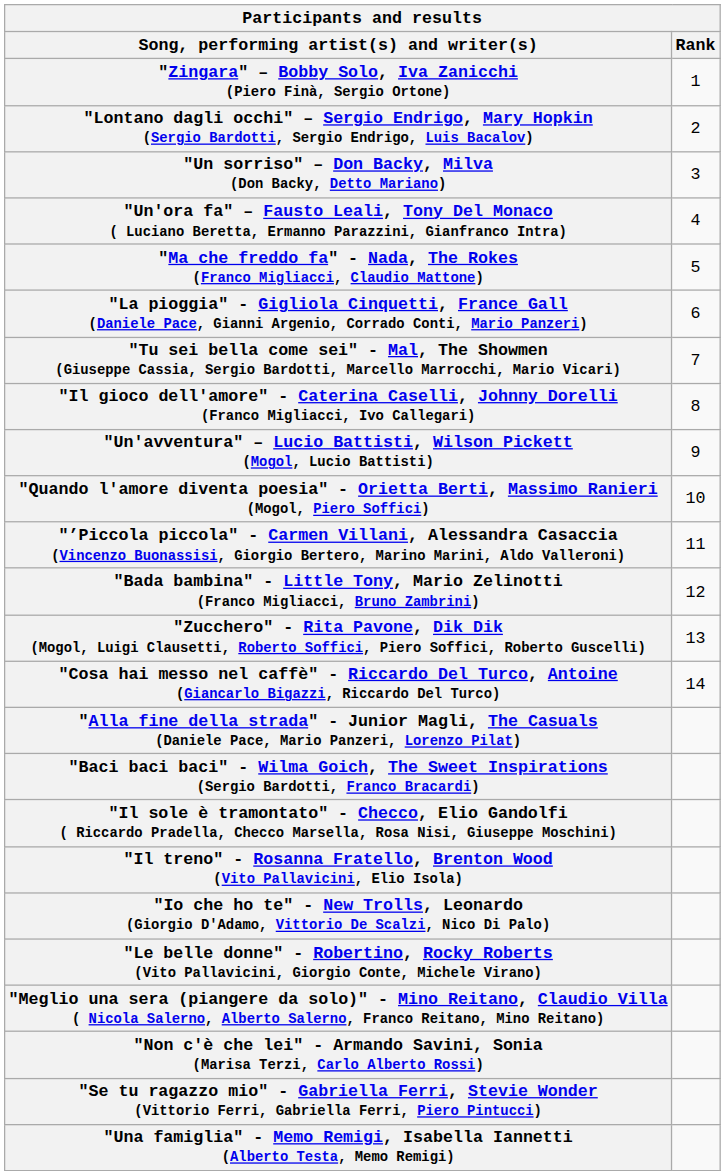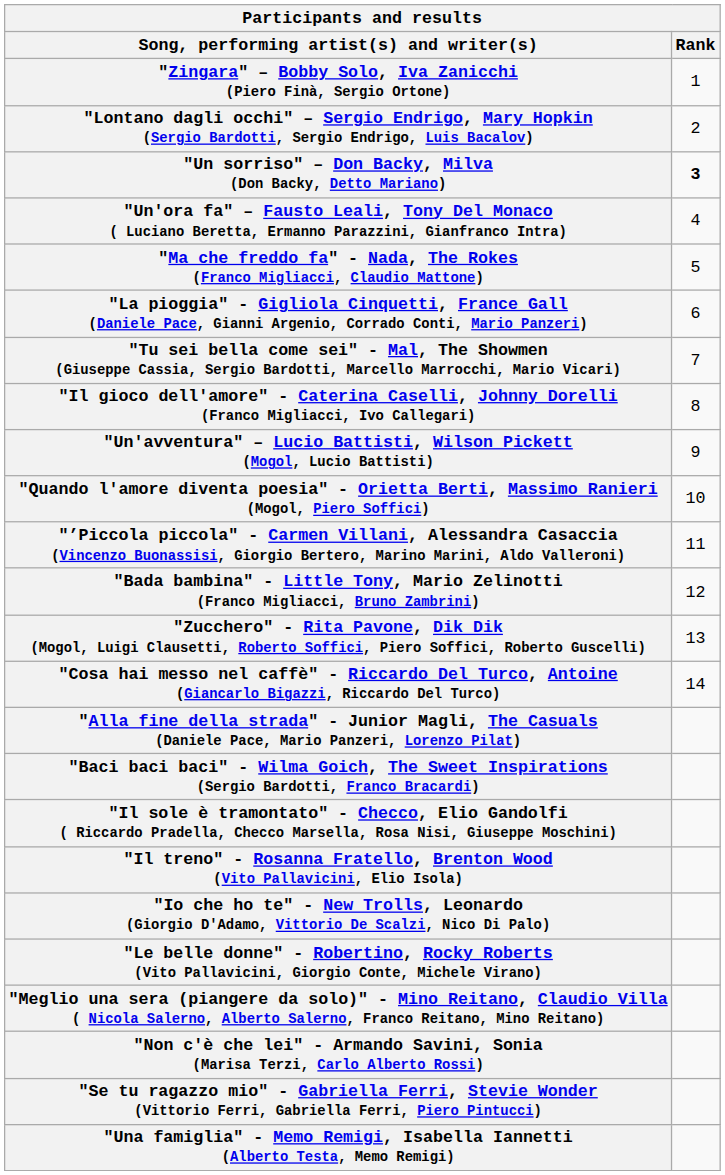 <table class="plainrowheaders wikitable">
 <tr>
 <th colspan="3">Participants and results</th>
 </tr>
 <tr>
 <th>Song, performing artist(s) and writer(s)</th>
 <th>Rank</th>
 </tr>
 <tr>
 <th scope="row">"<a href='#'>Zingara</a>" – <a href='#'>Bobby Solo</a>, <a href='#'>Iva Zanicchi</a> <br><small> 	(Piero Finà, Sergio Ortone)</small></th>
 <td style="text-align:center;">1</td>
 </tr>
 <tr>
 <th scope="row">"Lontano dagli occhi" – <a href='#'>Sergio Endrigo</a>, <a href='#'>Mary Hopkin</a>  <br><small>(<a href='#'>Sergio Bardotti</a>, Sergio Endrigo, <a href='#'>Luis Bacalov</a>)</small></th>
 <td style="text-align:center;">2</td>
 </tr>
 <tr>
 <th scope="row">"Un sorriso" – <a href='#'>Don Backy</a>, <a href='#'>Milva</a>  <br><small> 	(Don Backy, <a href='#'>Detto Mariano</a>) </small></th>
-<td style="text-align:center;">3</td>
+<td style="text-align:center;"><strong>3</strong></td>
 </tr>
 <tr>
 <th scope="row">"Un'ora fa"  –  	<a href='#'>Fausto Leali</a>, <a href='#'>Tony Del Monaco</a>  <br><small>( Luciano Beretta, Ermanno Parazzini, Gianfranco Intra)</small></th>
 <td style="text-align:center;">4</td>
 </tr>
 <tr>
 <th scope="row">"<a href='#'>Ma che freddo fa</a>" -  <a href='#'>Nada</a>, <a href='#'>The Rokes</a> <br><small>(<a href='#'>Franco Migliacci</a>, <a href='#'>Claudio Mattone</a>)</small></th>
 <td style="text-align:center;">5</td>
 </tr>
 <tr>
 <th scope="row">"La pioggia" -  	<a href='#'>Gigliola Cinquetti</a>, <a href='#'>France Gall</a> <br><small>(<a href='#'>Daniele Pace</a>, Gianni Argenio, Corrado Conti,  <a href='#'>Mario Panzeri</a>)</small></th>
 <td style="text-align:center;">6</td>
 </tr>
 <tr>
 <th scope="row">"Tu sei bella come sei" -   <a href='#'>Mal</a>,  The Showmen <br><small> (Giuseppe Cassia, Sergio Bardotti, Marcello Marrocchi, Mario Vicari) </small></th>
 <td style="text-align:center;">7</td>
 </tr>
 <tr>
 <th scope="row">"Il gioco dell'amore" -   	<a href='#'>Caterina Caselli</a>, <a href='#'>Johnny Dorelli</a>  <br><small> 	(Franco Migliacci, Ivo Callegari)</small></th>
 <td style="text-align:center;">8</td>
 </tr>
 <tr>
 <th scope="row">"Un'avventura" – 	 <a href='#'>Lucio Battisti</a>, <a href='#'>Wilson Pickett</a>  <br><small> 	(<a href='#'>Mogol</a>, Lucio Battisti)</small></th>
 <td style="text-align:center;">9</td>
 </tr>
 <tr>
 <th scope="row">"Quando l'amore diventa poesia" -  	<a href='#'>Orietta Berti</a>, <a href='#'>Massimo Ranieri</a> <br><small> 	 	(Mogol, <a href='#'>Piero Soffici</a>) </small></th>
 <td style="text-align:center;">10</td>
 </tr>
 <tr>
 <th scope="row">"’Piccola piccola" -  	 <a href='#'>Carmen Villani</a>, Alessandra Casaccia <br><small>  	(<a href='#'>Vincenzo Buonassisi</a>, Giorgio Bertero, Marino Marini, Aldo Valleroni)</small></th>
 <td style="text-align:center;">11</td>
 </tr>
 <tr>
 <th scope="row">"Bada bambina" -  	<a href='#'>Little Tony</a>, Mario Zelinotti <br><small> 	(Franco Migliacci, <a href='#'>Bruno Zambrini</a>)</small></th>
 <td style="text-align:center;">12</td>
 </tr>
 <tr>
 <th scope="row">"Zucchero" - <a href='#'>Rita Pavone</a>, <a href='#'>Dik Dik</a> <br><small> 	(Mogol, Luigi Clausetti, <a href='#'>Roberto Soffici</a>, Piero Soffici, Roberto Guscelli)</small></th>
 <td style="text-align:center;">13</td>
 </tr>
 <tr>
 <th scope="row">"Cosa hai messo nel caffè" -  <a href='#'>Riccardo Del Turco</a>, <a href='#'>Antoine</a>  <br><small> 	(<a href='#'>Giancarlo Bigazzi</a>, Riccardo Del Turco) </small></th>
 <td style="text-align:center;">14</td>
 </tr>
 <tr>
 <th scope="row">"<a href='#'>Alla fine della strada</a>" - Junior Magli, <a href='#'>The Casuals</a> <br><small> 	 (Daniele Pace, Mario Panzeri, <a href='#'>Lorenzo Pilat</a>) </small></th>
 <td></td>
 </tr>
 <tr>
 <th scope="row">"Baci baci baci" -  <a href='#'>Wilma Goich</a>, <a href='#'>The Sweet Inspirations</a> <br><small> 	(Sergio Bardotti, <a href='#'>Franco Bracardi</a>)</small></th>
 <td></td>
 </tr>
 <tr>
 <th scope="row">"Il sole è tramontato" - <a href='#'>Checco</a>, Elio Gandolfi <br><small>  ( Riccardo Pradella, Checco Marsella, Rosa Nisi, Giuseppe Moschini) </small></th>
 <td></td>
 </tr>
 <tr>
 <th scope="row">"Il treno" - <a href='#'>Rosanna Fratello</a>, <a href='#'>Brenton Wood</a> <br><small> (<a href='#'>Vito Pallavicini</a>, Elio Isola) </small></th>
 <td></td>
 </tr>
 <tr>
 <th scope="row">"Io che ho te" -  <a href='#'>New Trolls</a>, Leonardo <br><small> 	(Giorgio D'Adamo, <a href='#'>Vittorio De Scalzi</a>, Nico Di Palo) </small></th>
 <td></td>
 </tr>
 <tr>
 <th scope="row">"Le belle donne" -  <a href='#'>Robertino</a>, <a href='#'>Rocky Roberts</a> <br><small> (Vito Pallavicini, Giorgio Conte, Michele Virano) </small></th>
 <td></td>
 </tr>
 <tr>
 <th scope="row">"Meglio una sera (piangere da solo)" - <a href='#'>Mino Reitano</a>, <a href='#'>Claudio Villa</a> <br><small> 	( <a href='#'>Nicola Salerno</a>, <a href='#'>Alberto Salerno</a>, Franco Reitano, Mino Reitano) </small></th>
 <td></td>
 </tr>
 <tr>
 <th scope="row">"Non c'è che lei" - Armando Savini, Sonia   <br><small> 	(Marisa Terzi, <a href='#'>Carlo Alberto Rossi</a>) </small></th>
 <td></td>
 </tr>
 <tr>
 <th scope="row">"Se tu ragazzo mio" -  <a href='#'>Gabriella Ferri</a>, <a href='#'>Stevie Wonder</a>   <br><small> 	(Vittorio Ferri, Gabriella Ferri, <a href='#'>Piero Pintucci</a>) </small></th>
 <td></td>
 </tr>
 <tr>
 <th scope="row">"Una famiglia" - <a href='#'>Memo Remigi</a>, Isabella Iannetti   <br><small> 	(<a href='#'>Alberto Testa</a>, Memo Remigi) </small></th>
 <td></td>
 </tr>
 <tr>
 </tr>
 </table>
